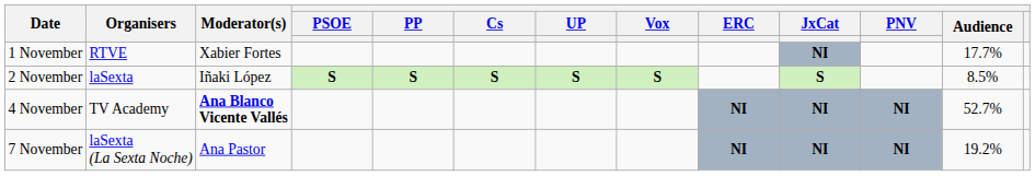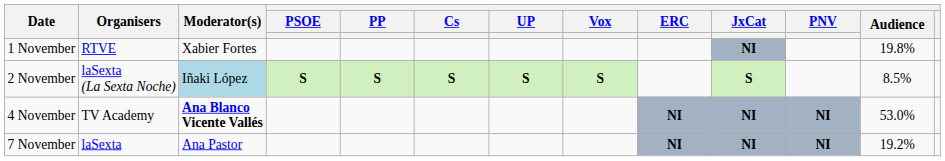 <table class="wikitable" style="text-align:center;">
 <tr>
 <th rowspan="3">Date</th>
 <th rowspan="3">Organisers</th>
 <th rowspan="3">Moderator(s)</th>
 <th colspan="10">      </th>
 </tr>
 <tr>
 <th scope="col" style="width:5em;"><a href='#'>PSOE</a></th>
 <th scope="col" style="width:5em;"><a href='#'>PP</a></th>
 <th scope="col" style="width:5em;"><a href='#'>Cs</a></th>
 <th scope="col" style="width:5em;"><a href='#'>UP</a></th>
 <th scope="col" style="width:5em;"><a href='#'>Vox</a></th>
 <th scope="col" style="width:5em;"><a href='#'>ERC</a></th>
 <th scope="col" style="width:5em;"><a href='#'>JxCat</a></th>
 <th scope="col" style="width:5em;"><a href='#'>PNV</a></th>
 <th rowspan="2" scope="col" style="width:5em;">Audience</th>
 <th rowspan="2"></th>
 </tr>
 <tr>
 <th style="color:inherit;background:"></th>
 <th style="color:inherit;background:"></th>
 <th style="color:inherit;background:"></th>
 <th style="color:inherit;background:"></th>
 <th style="color:inherit;background:"></th>
 <th style="color:inherit;background:"></th>
 <th style="color:inherit;background:"></th>
 <th style="color:inherit;background:"></th>
 </tr>
 <tr>
 <td style="white-space:nowrap; text-align:left;">1 November</td>
 <td style="white-space:nowrap; text-align:left;"><a href='#'>RTVE</a></td>
 <td style="white-space:nowrap; text-align:left;">Xabier Fortes</td>
 <td></td>
 <td></td>
 <td></td>
 <td></td>
 <td></td>
 <td></td>
 <td style="background:#A2B2C2;"><strong>NI</strong></td>
 <td></td>
-<td>17.7%<br></td>
+<td>19.8%<br></td>
 <td><br></td>
 </tr>
 <tr>
 <td style="white-space:nowrap; text-align:left;">2 November</td>
-<td style="white-space:nowrap; text-align:left;"><a href='#'>laSexta</a></td>
-<td style="white-space:nowrap; text-align:left;">Iñaki López</td>
+<td style="white-space:nowrap; text-align:left;"><a href='#'>laSexta</a><br><em>(La Sexta Noche)</em></td>
+<td style="background: lightblue; white-space:nowrap; text-align:left;">Iñaki López</td>
 <td style="background:#D0F0C0;"><strong>S</strong><br></td>
 <td style="background:#D0F0C0;"><strong>S</strong><br></td>
 <td style="background:#D0F0C0;"><strong>S</strong><br></td>
 <td style="background:#D0F0C0;"><strong>S</strong><br></td>
 <td style="background:#D0F0C0;"><strong>S</strong><br></td>
 <td></td>
 <td style="background:#D0F0C0;"><strong>S</strong><br></td>
 <td></td>
 <td>8.5%<br></td>
 <td><br></td>
 </tr>
 <tr>
 <td style="white-space:nowrap; text-align:left;">4 November</td>
 <td style="white-space:nowrap; text-align:left;">TV Academy</td>
 <td style="white-space:nowrap; text-align:left;"><strong><a href='#'>Ana Blanco</a><br>Vicente Vallés</strong></td>
 <td></td>
 <td></td>
 <td></td>
 <td></td>
 <td></td>
 <td style="background:#A2B2C2;"><strong>NI</strong></td>
 <td style="background:#A2B2C2;"><strong>NI</strong></td>
 <td style="background:#A2B2C2;"><strong>NI</strong></td>
-<td>52.7%<br></td>
+<td>53.0%<br></td>
 <td><br></td>
 </tr>
 <tr>
 <td style="white-space:nowrap; text-align:left;">7 November</td>
-<td style="white-space:nowrap; text-align:left;"><a href='#'>laSexta</a><br><em>(La Sexta Noche)</em></td>
+<td style="white-space:nowrap; text-align:left;"><a href='#'>laSexta</a></td>
 <td style="white-space:nowrap; text-align:left;"><a href='#'>Ana Pastor</a></td>
 <td></td>
 <td></td>
 <td></td>
 <td></td>
 <td></td>
 <td style="background:#A2B2C2;"><strong>NI</strong></td>
 <td style="background:#A2B2C2;"><strong>NI</strong></td>
 <td style="background:#A2B2C2;"><strong>NI</strong></td>
 <td>19.2%<br></td>
 <td><br></td>
 </tr>
 </table>
